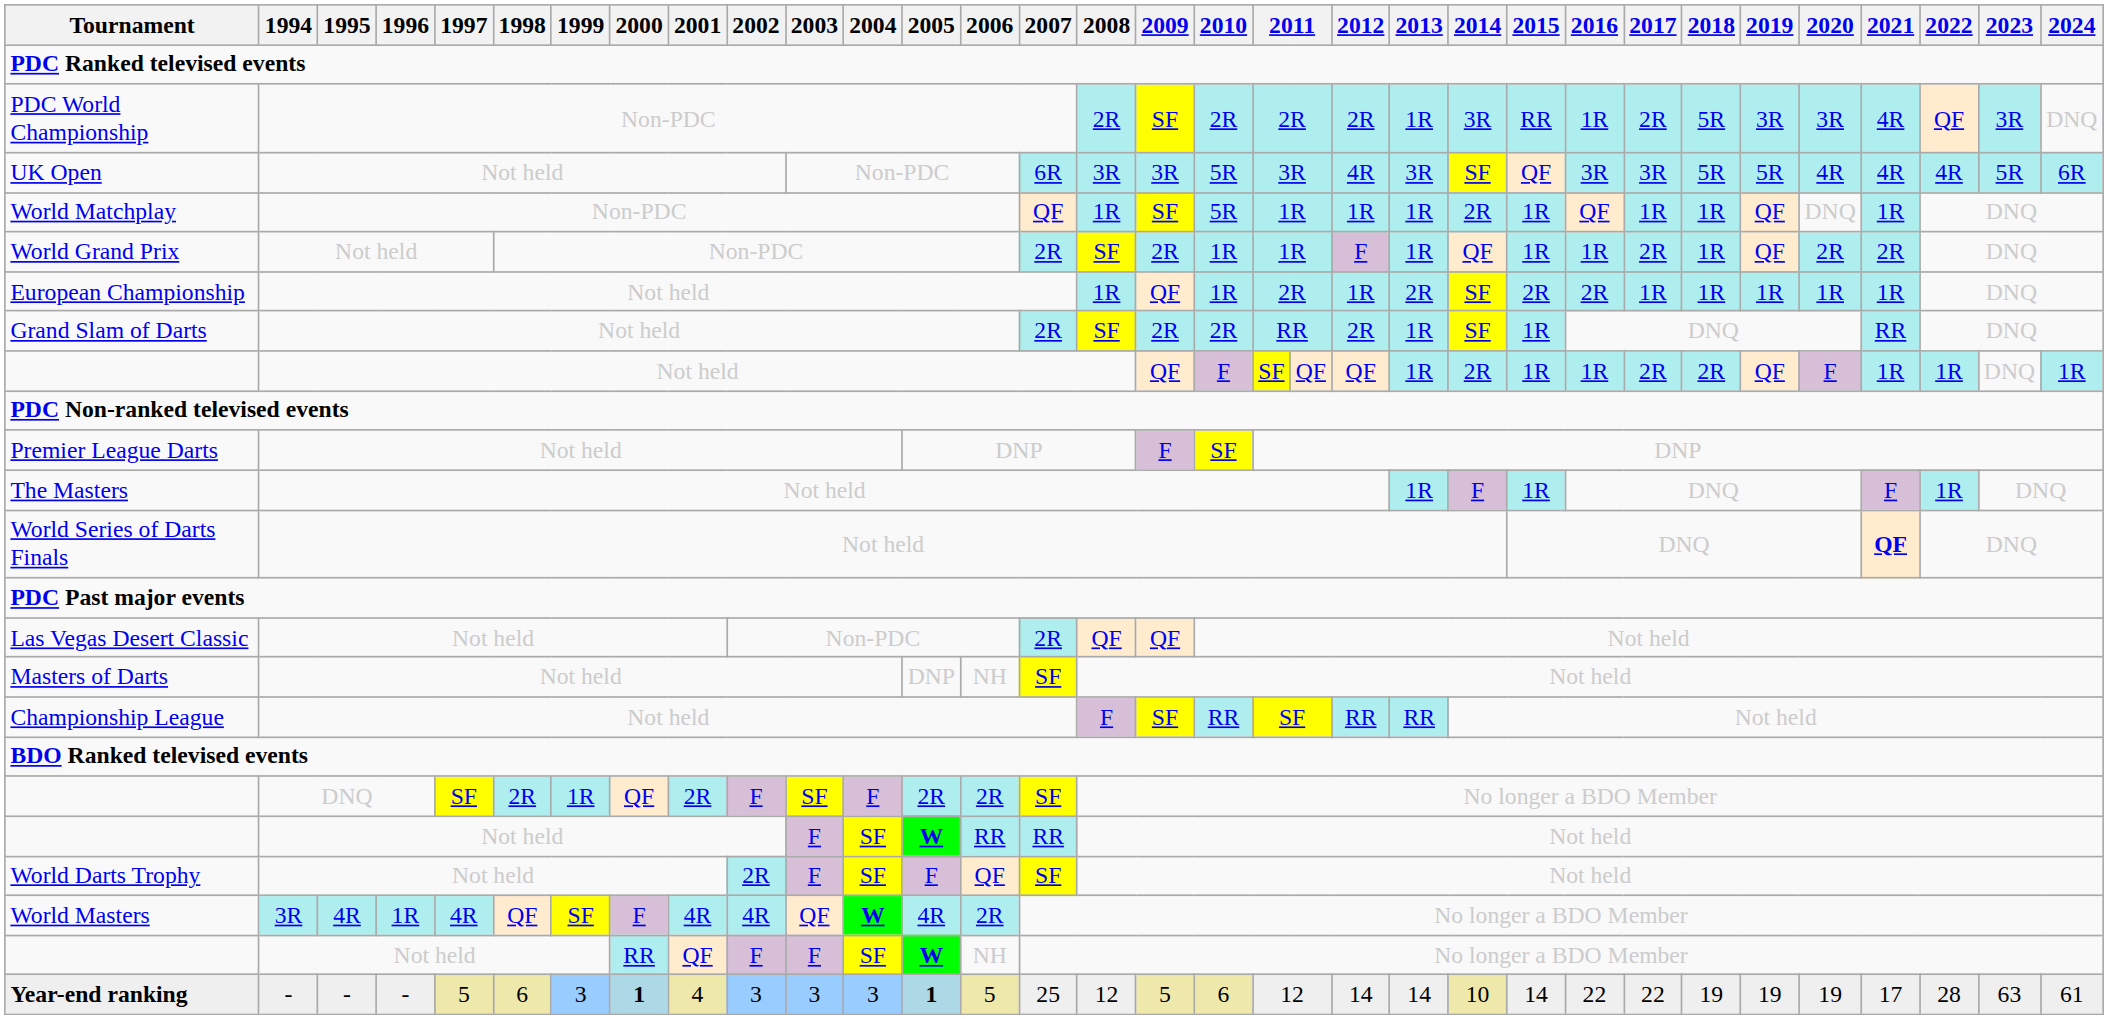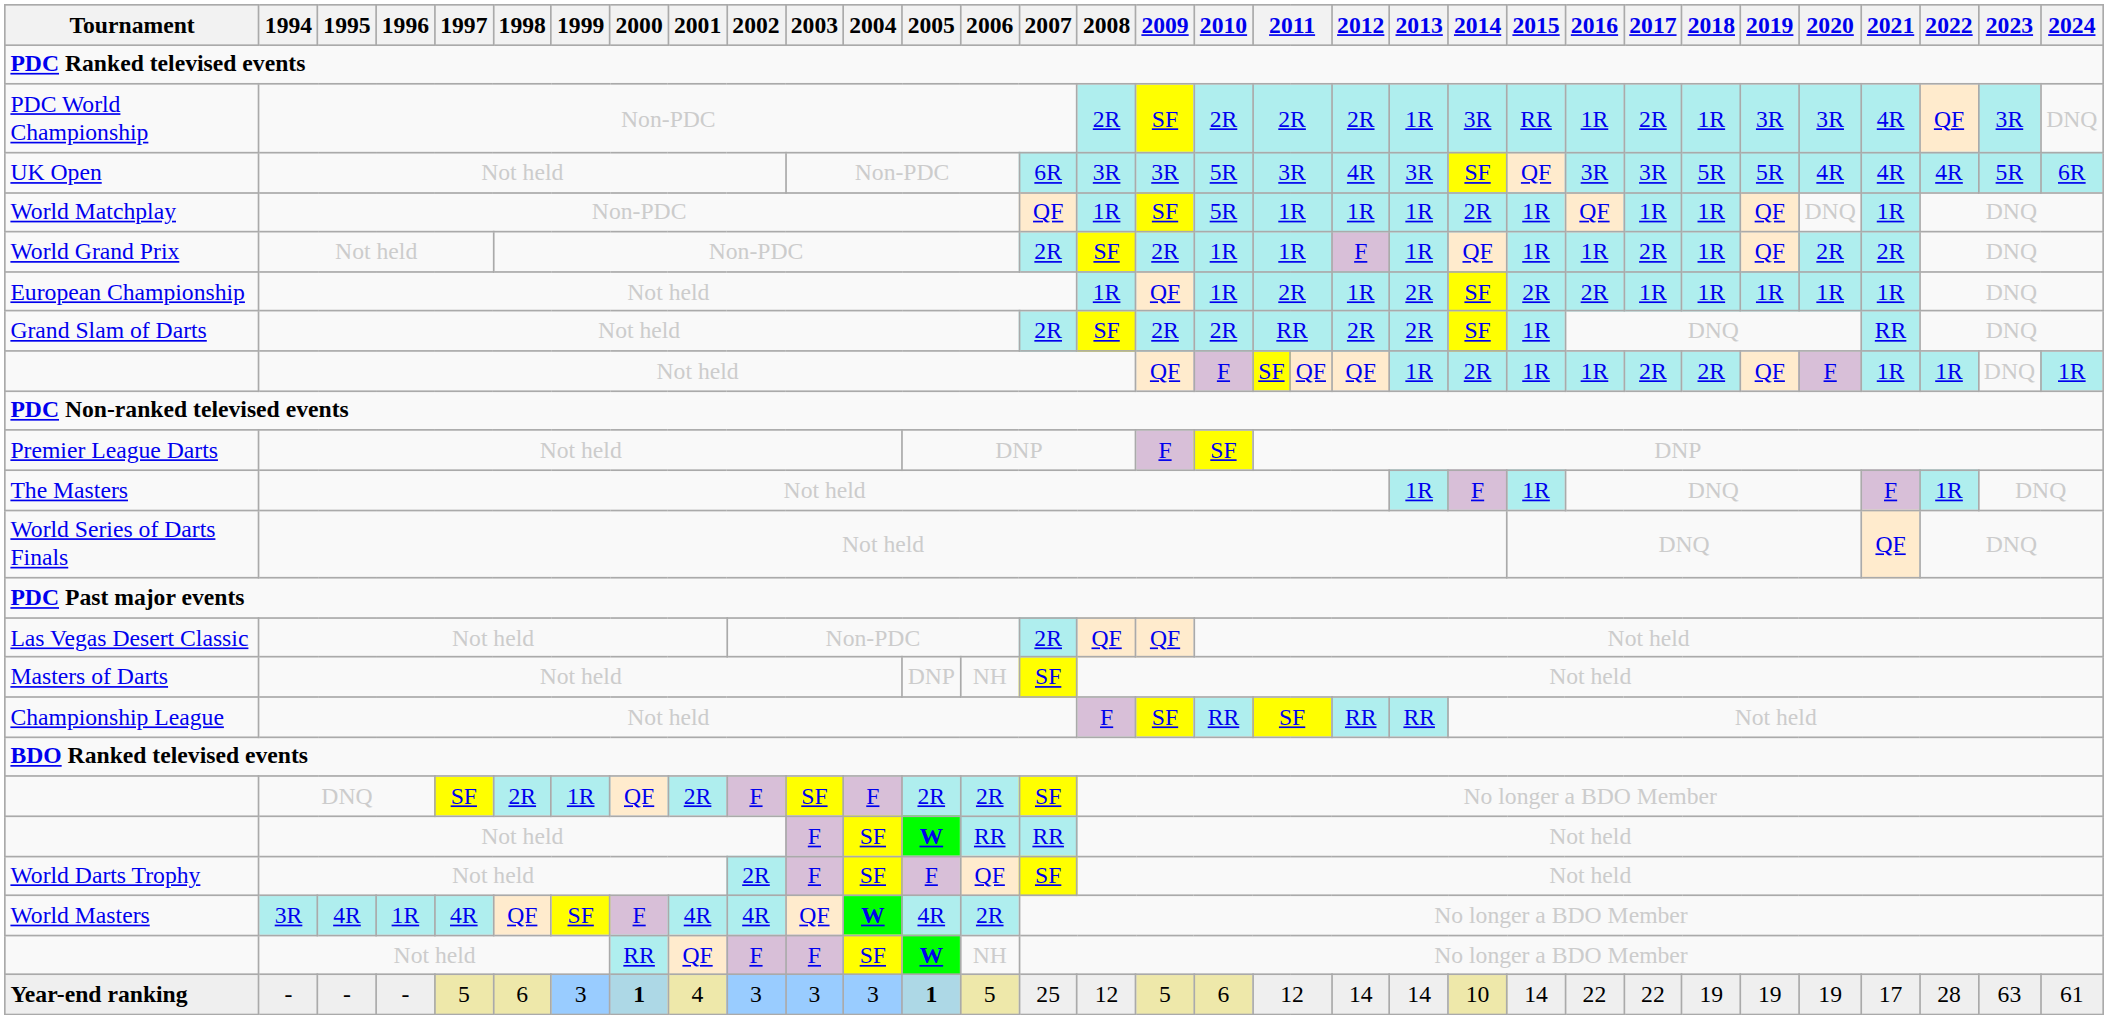 <table class=wikitable style=text-align:center;font-size:88%>
 <tr>
 <th>Tournament</th>
 <th>1994</th>
 <th>1995</th>
 <th>1996</th>
 <th>1997</th>
 <th>1998</th>
 <th>1999</th>
 <th>2000</th>
 <th>2001</th>
 <th>2002</th>
 <th>2003</th>
 <th>2004</th>
 <th>2005</th>
 <th>2006</th>
 <th>2007</th>
 <th>2008</th>
 <th><a href='#'>2009</a></th>
 <th><a href='#'>2010</a></th>
 <th colspan="2"><a href='#'>2011</a></th>
 <th><a href='#'>2012</a></th>
 <th><a href='#'>2013</a></th>
 <th><a href='#'>2014</a></th>
 <th><a href='#'>2015</a></th>
 <th><a href='#'>2016</a></th>
 <th><a href='#'>2017</a></th>
 <th><a href='#'>2018</a></th>
 <th><a href='#'>2019</a></th>
 <th><a href='#'>2020</a></th>
 <th><a href='#'>2021</a></th>
 <th><a href='#'>2022</a></th>
 <th><a href='#'>2023</a></th>
 <th><a href='#'>2024</a></th>
 </tr>
 <tr>
 <td colspan="33" align="left"><strong><a href='#'>PDC</a> Ranked televised events</strong></td>
 </tr>
 <tr>
 <td align=left><a href='#'>PDC World Championship</a></td>
 <td colspan="14" style="text-align:center; color:#ccc;">Non-PDC</td>
 <td style="text-align:center; background:#afeeee;"><a href='#'>2R</a></td>
 <td style="text-align:center; background:yellow;"><a href='#'>SF</a></td>
 <td style="text-align:center; background:#afeeee;"><a href='#'>2R</a></td>
 <td style="text-align:center; background:#afeeee;" colspan="2"><a href='#'>2R</a></td>
 <td style="text-align:center; background:#afeeee;"><a href='#'>2R</a></td>
 <td style="text-align:center; background:#afeeee;"><a href='#'>1R</a></td>
 <td style="text-align:center; background:#afeeee;"><a href='#'>3R</a></td>
 <td style="text-align:center; background:#afeeee;"><a href='#'>RR</a></td>
 <td style="text-align:center; background:#afeeee;"><a href='#'>1R</a></td>
 <td style="text-align:center; background:#afeeee;"><a href='#'>2R</a></td>
-<td style="text-align:center; background:#afeeee;"><a href='#'>5R</a></td>
+<td style="text-align:center; background:#afeeee;"><a href='#'>1R</a></td>
 <td style="text-align:center; background:#afeeee;"><a href='#'>3R</a></td>
 <td style="text-align:center; background:#afeeee;"><a href='#'>3R</a></td>
 <td style="text-align:center; background:#afeeee;"><a href='#'>4R</a></td>
 <td style="text-align:center; background:#ffebcd;"><a href='#'>QF</a></td>
 <td style="text-align:center; background:#afeeee;"><a href='#'>3R</a></td>
 <td style="text-align:center; color:#ccc;">DNQ</td>
 </tr>
 <tr>
 <td align=left><a href='#'>UK Open</a></td>
 <td colspan="9" style="text-align:center; color:#ccc;">Not held</td>
 <td colspan="4" style="text-align:center; color:#ccc;">Non-PDC</td>
 <td style="text-align:center; background:#afeeee;"><a href='#'>6R</a></td>
 <td style="text-align:center; background:#afeeee;"><a href='#'>3R</a></td>
 <td style="text-align:center; background:#afeeee;"><a href='#'>3R</a></td>
 <td style="text-align:center; background:#afeeee;"><a href='#'>5R</a></td>
 <td style="text-align:center; background:#afeeee;" colspan="2"><a href='#'>3R</a></td>
 <td style="text-align:center; background:#afeeee;"><a href='#'>4R</a></td>
 <td style="text-align:center; background:#afeeee;"><a href='#'>3R</a></td>
 <td style="text-align:center; background:yellow;"><a href='#'>SF</a></td>
 <td style="text-align:center; background:#ffebcd;"><a href='#'>QF</a></td>
 <td style="text-align:center; background:#afeeee;"><a href='#'>3R</a></td>
 <td style="text-align:center; background:#afeeee;"><a href='#'>3R</a></td>
 <td style="text-align:center; background:#afeeee;"><a href='#'>5R</a></td>
 <td style="text-align:center; background:#afeeee;"><a href='#'>5R</a></td>
 <td style="text-align:center; background:#afeeee;"><a href='#'>4R</a></td>
 <td style="text-align:center; background:#afeeee;"><a href='#'>4R</a></td>
 <td style="text-align:center; background:#afeeee;"><a href='#'>4R</a></td>
 <td style="text-align:center; background:#afeeee;"><a href='#'>5R</a></td>
 <td style="text-align:center; background:#afeeee;"><a href='#'>6R</a></td>
 </tr>
 <tr>
 <td align=left><a href='#'>World Matchplay</a></td>
 <td colspan="13" style="text-align:center; color:#ccc;">Non-PDC</td>
 <td style="text-align:center; background:#ffebcd;"><a href='#'>QF</a></td>
 <td style="text-align:center; background:#afeeee;"><a href='#'>1R</a></td>
 <td style="text-align:center; background:yellow;"><a href='#'>SF</a></td>
 <td style="text-align:center; background:#afeeee;"><a href='#'>5R</a></td>
 <td style="text-align:center; background:#afeeee;" colspan="2"><a href='#'>1R</a></td>
 <td style="text-align:center; background:#afeeee;"><a href='#'>1R</a></td>
 <td style="text-align:center; background:#afeeee;"><a href='#'>1R</a></td>
 <td style="text-align:center; background:#afeeee;"><a href='#'>2R</a></td>
 <td style="text-align:center; background:#afeeee;"><a href='#'>1R</a></td>
 <td style="text-align:center; background:#ffebcd;"><a href='#'>QF</a></td>
 <td style="text-align:center; background:#afeeee;"><a href='#'>1R</a></td>
 <td style="text-align:center; background:#afeeee;"><a href='#'>1R</a></td>
 <td style="text-align:center; background:#ffebcd;"><a href='#'>QF</a></td>
 <td style="text-align:center; color:#ccc;">DNQ</td>
 <td style="text-align:center; background:#afeeee;"><a href='#'>1R</a></td>
 <td colspan="3" style="text-align:center; color:#ccc;">DNQ</td>
 </tr>
 <tr>
 <td align=left><a href='#'>World Grand Prix</a></td>
 <td colspan="4" style="text-align:center; color:#ccc;">Not held</td>
 <td colspan="9" style="text-align:center; color:#ccc;">Non-PDC</td>
 <td style="text-align:center; background:#afeeee;"><a href='#'>2R</a></td>
 <td style="text-align:center; background:yellow;"><a href='#'>SF</a></td>
 <td style="text-align:center; background:#afeeee;"><a href='#'>2R</a></td>
 <td style="text-align:center; background:#afeeee;"><a href='#'>1R</a></td>
 <td style="text-align:center; background:#afeeee;" colspan="2"><a href='#'>1R</a></td>
 <td style="text-align:center; background:thistle;"><a href='#'>F</a></td>
 <td style="text-align:center; background:#afeeee;"><a href='#'>1R</a></td>
 <td style="text-align:center; background:#ffebcd;"><a href='#'>QF</a></td>
 <td style="text-align:center; background:#afeeee;"><a href='#'>1R</a></td>
 <td style="text-align:center; background:#afeeee;"><a href='#'>1R</a></td>
 <td style="text-align:center; background:#afeeee;"><a href='#'>2R</a></td>
 <td style="text-align:center; background:#afeeee;"><a href='#'>1R</a></td>
 <td style="text-align:center; background:#ffebcd;"><a href='#'>QF</a></td>
 <td style="text-align:center; background:#afeeee;"><a href='#'>2R</a></td>
 <td style="text-align:center; background:#afeeee;"><a href='#'>2R</a></td>
 <td colspan="3" style="text-align:center; color:#ccc;">DNQ</td>
 </tr>
 <tr>
 <td align=left><a href='#'>European Championship</a></td>
 <td colspan="14" style="text-align:center; color:#ccc;">Not held</td>
 <td style="text-align:center; background:#afeeee;"><a href='#'>1R</a></td>
 <td style="text-align:center; background:#ffebcd;"><a href='#'>QF</a></td>
 <td style="text-align:center; background:#afeeee;"><a href='#'>1R</a></td>
 <td style="text-align:center; background:#afeeee;" colspan="2"><a href='#'>2R</a></td>
 <td style="text-align:center; background:#afeeee;"><a href='#'>1R</a></td>
 <td style="text-align:center; background:#afeeee;"><a href='#'>2R</a></td>
 <td style="text-align:center; background:yellow;"><a href='#'>SF</a></td>
 <td style="text-align:center; background:#afeeee;"><a href='#'>2R</a></td>
 <td style="text-align:center; background:#afeeee;"><a href='#'>2R</a></td>
 <td style="text-align:center; background:#afeeee;"><a href='#'>1R</a></td>
 <td style="text-align:center; background:#afeeee;"><a href='#'>1R</a></td>
 <td style="text-align:center; background:#afeeee;"><a href='#'>1R</a></td>
 <td style="text-align:center; background:#afeeee;"><a href='#'>1R</a></td>
 <td style="text-align:center; background:#afeeee;"><a href='#'>1R</a></td>
 <td colspan="3" style="text-align:center; color:#ccc;">DNQ</td>
 </tr>
 <tr>
 <td align=left><a href='#'>Grand Slam of Darts</a></td>
 <td colspan="13" style="text-align:center; color:#ccc;">Not held</td>
 <td style="text-align:center; background:#afeeee;"><a href='#'>2R</a></td>
 <td style="text-align:center; background:yellow;"><a href='#'>SF</a></td>
 <td style="text-align:center; background:#afeeee;"><a href='#'>2R</a></td>
 <td style="text-align:center; background:#afeeee;"><a href='#'>2R</a></td>
 <td style="text-align:center; background:#afeeee;" colspan="2"><a href='#'>RR</a></td>
 <td style="text-align:center; background:#afeeee;"><a href='#'>2R</a></td>
-<td style="text-align:center; background:#afeeee;"><a href='#'>1R</a></td>
+<td style="text-align:center; background:#afeeee;"><a href='#'>2R</a></td>
 <td style="text-align:center; background:yellow;"><a href='#'>SF</a></td>
 <td style="text-align:center; background:#afeeee;"><a href='#'>1R</a></td>
 <td colspan="5" style="text-align:center; color:#ccc;">DNQ</td>
 <td style="text-align:center; background:#afeeee;"><a href='#'>RR</a></td>
 <td colspan="3" style="text-align:center; color:#ccc;">DNQ</td>
 </tr>
 <tr>
 <td align=left></td>
 <td colspan="15" style="text-align:center; color:#ccc;">Not held</td>
 <td style="text-align:center; background:#ffebcd;"><a href='#'>QF</a></td>
 <td style="text-align:center; background:thistle;"><a href='#'>F</a></td>
 <td style="text-align:center; background:yellow;"><a href='#'>SF</a></td>
 <td style="text-align:center; background:#ffebcd;"><a href='#'>QF</a></td>
 <td style="text-align:center; background:#ffebcd;"><a href='#'>QF</a></td>
 <td style="text-align:center; background:#afeeee;"><a href='#'>1R</a></td>
 <td style="text-align:center; background:#afeeee;"><a href='#'>2R</a></td>
 <td style="text-align:center; background:#afeeee;"><a href='#'>1R</a></td>
 <td style="text-align:center; background:#afeeee;"><a href='#'>1R</a></td>
 <td style="text-align:center; background:#afeeee;"><a href='#'>2R</a></td>
 <td style="text-align:center; background:#afeeee;"><a href='#'>2R</a></td>
 <td style="text-align:center; background:#ffebcd;"><a href='#'>QF</a></td>
 <td style="text-align:center; background:thistle;"><a href='#'>F</a></td>
 <td style="text-align:center; background:#afeeee;"><a href='#'>1R</a></td>
 <td style="text-align:center; background:#afeeee;"><a href='#'>1R</a></td>
 <td style="text-align:center; color:#ccc;">DNQ</td>
 <td style="text-align:center; background:#afeeee;"><a href='#'>1R</a></td>
 </tr>
 <tr>
 <td colspan="33" align="left"><strong><a href='#'>PDC</a> Non-ranked televised events</strong></td>
 </tr>
 <tr>
 <td align=left><a href='#'>Premier League Darts</a></td>
 <td colspan="11" style="text-align:center; color:#ccc;">Not held</td>
 <td colspan="4" style="text-align:center; color:#ccc;">DNP</td>
 <td style="text-align:center; background:thistle;"><a href='#'>F</a></td>
 <td style="text-align:center; background:yellow;"><a href='#'>SF</a></td>
 <td colspan="15" style="text-align:center; color:#ccc;">DNP</td>
 </tr>
 <tr>
 <td align=left><a href='#'>The Masters</a></td>
 <td colspan="20" style="text-align:center; color:#ccc;">Not held</td>
 <td style="text-align:center; background:#afeeee;"><a href='#'>1R</a></td>
 <td style="text-align:center; background:thistle;"><a href='#'>F</a></td>
 <td style="text-align:center; background:#afeeee;"><a href='#'>1R</a></td>
 <td colspan="5" style="text-align:center; color:#ccc;">DNQ</td>
 <td style="text-align:center; background:thistle;"><a href='#'>F</a></td>
 <td style="text-align:center; background:#afeeee;"><a href='#'>1R</a></td>
 <td colspan="2" style="text-align:center; color:#ccc;">DNQ</td>
 </tr>
 <tr>
 <td align=left><a href='#'>World Series of Darts Finals</a></td>
 <td colspan="22" style="text-align:center; color:#ccc;">Not held</td>
 <td colspan="6" style="text-align:center; color:#ccc;">DNQ</td>
-<td style="text-align:center; background:#ffebcd;"><strong><a href='#'>QF</a></strong></td>
+<td style="text-align:center; background:#ffebcd;"><a href='#'>QF</a></td>
 <td colspan="3" style="text-align:center; color:#ccc;">DNQ</td>
 </tr>
 <tr>
 <td colspan="35" align="left"><strong><a href='#'>PDC</a> Past major events</strong></td>
 </tr>
 <tr>
 <td align=left><a href='#'>Las Vegas Desert Classic</a></td>
 <td colspan="8" style="text-align:center; color:#ccc;">Not held</td>
 <td colspan="5" style="text-align:center; color:#ccc;">Non-PDC</td>
 <td style="text-align:center; background:#afeeee;"><a href='#'>2R</a></td>
 <td style="text-align:center; background:#ffebcd;"><a href='#'>QF</a></td>
 <td style="text-align:center; background:#ffebcd;"><a href='#'>QF</a></td>
 <td colspan="16" style="text-align:center; color:#ccc;">Not held</td>
 </tr>
 <tr>
 <td align=left><a href='#'>Masters of Darts</a></td>
 <td colspan="11" style="text-align:center; color:#ccc;">Not held</td>
 <td style="text-align:center; color:#ccc;">DNP</td>
 <td style="text-align:center; color:#ccc;">NH</td>
 <td style="text-align:center; background:yellow;"><a href='#'>SF</a></td>
 <td colspan="18" style="text-align:center; color:#ccc;">Not held</td>
 </tr>
 <tr>
 <td align=left><a href='#'>Championship League</a></td>
 <td colspan="14" style="text-align:center; color:#ccc;">Not held</td>
 <td style="text-align:center; background:thistle;"><a href='#'>F</a></td>
 <td style="text-align:center; background:yellow;"><a href='#'>SF</a></td>
 <td style="text-align:center; background:#afeeee;"><a href='#'>RR</a></td>
 <td style="text-align:center; background:yellow;" colspan="2"><a href='#'>SF</a></td>
 <td style="text-align:center; background:#afeeee;"><a href='#'>RR</a></td>
 <td style="text-align:center; background:#afeeee;"><a href='#'>RR</a></td>
 <td colspan="11" style="text-align:center; color:#ccc;">Not held</td>
 </tr>
 <tr>
 <td colspan="33" align="left"><strong><a href='#'>BDO</a> Ranked televised events</strong></td>
 </tr>
 <tr>
 <td align=left></td>
 <td colspan="3" style="text-align:center; color:#ccc;">DNQ</td>
 <td style="text-align:center; background:yellow;"><a href='#'>SF</a></td>
 <td style="text-align:center; background:#afeeee;"><a href='#'>2R</a></td>
 <td style="text-align:center; background:#afeeee;"><a href='#'>1R</a></td>
 <td style="text-align:center; background:#ffebcd;"><a href='#'>QF</a></td>
 <td style="text-align:center; background:#afeeee;"><a href='#'>2R</a></td>
 <td style="text-align:center; background:thistle;"><a href='#'>F</a></td>
 <td style="text-align:center; background:yellow;"><a href='#'>SF</a></td>
 <td style="text-align:center; background:thistle;"><a href='#'>F</a></td>
 <td style="text-align:center; background:#afeeee;"><a href='#'>2R</a></td>
 <td style="text-align:center; background:#afeeee;"><a href='#'>2R</a></td>
 <td style="text-align:center; background:yellow;"><a href='#'>SF</a></td>
 <td colspan="18" style="text-align:center; color:#ccc;">No longer a BDO Member</td>
 </tr>
 <tr>
 <td align=left></td>
 <td colspan="9" style="text-align:center; color:#ccc;">Not held</td>
 <td style="text-align:center; background:thistle;"><a href='#'>F</a></td>
 <td style="text-align:center; background:yellow;"><a href='#'>SF</a></td>
 <td style="text-align:center; background:lime;"><strong><a href='#'>W</a></strong></td>
 <td style="text-align:center; background:#afeeee;"><a href='#'>RR</a></td>
 <td style="text-align:center; background:#afeeee;"><a href='#'>RR</a></td>
 <td colspan="18" style="text-align:center; color:#ccc;">Not held</td>
 </tr>
 <tr>
 <td align=left><a href='#'>World Darts Trophy</a></td>
 <td colspan="8" style="text-align:center; color:#ccc;">Not held</td>
 <td style="text-align:center; background:#afeeee;"><a href='#'>2R</a></td>
 <td style="text-align:center; background:thistle;"><a href='#'>F</a></td>
 <td style="text-align:center; background:yellow;"><a href='#'>SF</a></td>
 <td style="text-align:center; background:thistle;"><a href='#'>F</a></td>
 <td style="text-align:center; background:#ffebcd;"><a href='#'>QF</a></td>
 <td style="text-align:center; background:yellow;"><a href='#'>SF</a></td>
 <td colspan="18" style="text-align:center; color:#ccc;">Not held</td>
 </tr>
 <tr>
 <td align=left><a href='#'>World Masters</a></td>
 <td style="text-align:center; background:#afeeee;"><a href='#'>3R</a></td>
 <td style="text-align:center; background:#afeeee;"><a href='#'>4R</a></td>
 <td style="text-align:center; background:#afeeee;"><a href='#'>1R</a></td>
 <td style="text-align:center; background:#afeeee;"><a href='#'>4R</a></td>
 <td style="text-align:center; background:#ffebcd;"><a href='#'>QF</a></td>
 <td style="text-align:center; background:yellow;"><a href='#'>SF</a></td>
 <td style="text-align:center; background:thistle;"><a href='#'>F</a></td>
 <td style="text-align:center; background:#afeeee;"><a href='#'>4R</a></td>
 <td style="text-align:center; background:#afeeee;"><a href='#'>4R</a></td>
 <td style="text-align:center; background:#ffebcd;"><a href='#'>QF</a></td>
 <td style="text-align:center; background:lime;"><strong><a href='#'>W</a></strong></td>
 <td style="text-align:center; background:#afeeee;"><a href='#'>4R</a></td>
 <td style="text-align:center; background:#afeeee;"><a href='#'>2R</a></td>
 <td colspan="19" style="text-align:center; color:#ccc;">No longer a BDO Member</td>
 </tr>
 <tr>
 <td align=left></td>
 <td colspan="6" style="text-align:center; color:#ccc;">Not held</td>
 <td style="text-align:center; background:#afeeee;"><a href='#'>RR</a></td>
 <td style="text-align:center; background:#ffebcd;"><a href='#'>QF</a></td>
 <td style="text-align:center; background:thistle;"><a href='#'>F</a></td>
 <td style="text-align:center; background:thistle;"><a href='#'>F</a></td>
 <td style="text-align:center; background:yellow;"><a href='#'>SF</a></td>
 <td style="text-align:center; background:lime;"><strong><a href='#'>W</a></strong></td>
 <td style="text-align:center; color:#ccc;">NH</td>
 <td colspan="19" style="text-align:center; color:#ccc;">No longer a BDO Member</td>
 </tr>
 <tr bgcolor="efefef">
 <td align="left"><strong>Year-end ranking</strong></td>
 <td style="text-align:center;">-</td>
 <td style="text-align:center;">-</td>
 <td style="text-align:center;">-</td>
 <td style="text-align:center; background:#eee8aa;">5</td>
 <td style="text-align:center; background:#eee8aa;">6</td>
 <td style="text-align:center; background:#99ccff;">3</td>
 <td style="text-align:center; background:#add8e6;"><strong>1</strong></td>
 <td style="text-align:center; background:#eee8aa;">4</td>
 <td style="text-align:center; background:#99ccff;">3</td>
 <td style="text-align:center; background:#99ccff;">3</td>
 <td style="text-align:center; background:#99ccff;">3</td>
 <td style="text-align:center; background:#add8e6;"><strong>1</strong></td>
 <td style="text-align:center; background:#eee8aa;">5</td>
 <td style="text-align:center;">25</td>
 <td style="text-align:center;">12</td>
 <td style="text-align:center; background:#eee8aa;">5</td>
 <td style="text-align:center; background:#eee8aa;">6</td>
 <td colspan="2" style="text-align:center;">12</td>
 <td style="text-align:center;">14</td>
 <td style="text-align:center;">14</td>
 <td style="text-align:center; background:#eee8aa;">10</td>
 <td style="text-align:center;">14</td>
 <td style="text-align:center;">22</td>
 <td style="text-align:center;">22</td>
 <td style="text-align:center;">19</td>
 <td style="text-align:center;">19</td>
 <td style="text-align:center;">19</td>
 <td style="text-align:center;">17</td>
 <td style="text-align:center;">28</td>
 <td style="text-align:center;">63</td>
 <td>61</td>
 </tr>
 </table>
